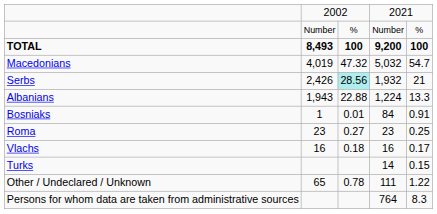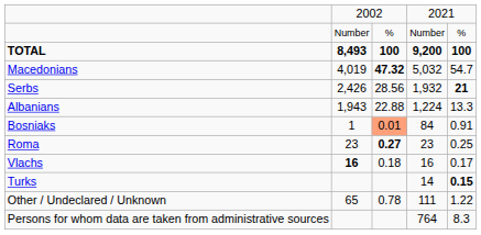 <table class="wikitable">
 <tr>
 <td></td>
 <td colspan="2" align="center">2002</td>
 <td colspan="2" align="center">2021</td>
 </tr>
 <tr>
 <td></td>
 <td align="center"><small>Number</small></td>
 <td align="center"><small>%</small></td>
 <td align="center"><small>Number</small></td>
 <td align="center"><small>%</small></td>
 </tr>
 <tr>
 <td><strong>TOTAL</strong></td>
 <td align="center"><strong>8,493</strong></td>
 <td align="center"><strong>100</strong></td>
 <td align="center"><strong>9,200</strong></td>
 <td align="center"><strong>100</strong></td>
 </tr>
 <tr>
 <td><a href='#'>Macedonians</a></td>
 <td align="center">4,019</td>
-<td align="center">47.32</td>
+<td align="center"><strong>47.32</strong></td>
 <td align="center">5,032</td>
 <td align="center">54.7</td>
 </tr>
 <tr>
 <td><a href='#'>Serbs</a></td>
 <td align="center">2,426</td>
-<td align="center" style="background: paleturquoise;">28.56</td>
+<td align="center">28.56</td>
 <td align="center">1,932</td>
-<td align="center">21</td>
+<td align="center"><strong>21</strong></td>
 </tr>
 <tr>
 <td><a href='#'>Albanians</a></td>
 <td align="center">1,943</td>
 <td align="center">22.88</td>
 <td align="center">1,224</td>
 <td align="center">13.3</td>
 </tr>
 <tr>
 <td><a href='#'>Bosniaks</a></td>
 <td align="center">1</td>
-<td align="center">0.01</td>
+<td align="center" style="background: lightsalmon;">0.01</td>
 <td align="center">84</td>
 <td align="center">0.91</td>
 </tr>
 <tr>
 <td><a href='#'>Roma</a></td>
 <td align="center">23</td>
-<td align="center">0.27</td>
+<td align="center"><strong>0.27</strong></td>
 <td align="center">23</td>
 <td align="center">0.25</td>
 </tr>
 <tr>
 <td><a href='#'>Vlachs</a></td>
-<td align="center">16</td>
+<td align="center"><strong>16</strong></td>
 <td align="center">0.18</td>
 <td align="center">16</td>
 <td align="center">0.17</td>
 </tr>
 <tr>
 <td><a href='#'>Turks</a></td>
 <td align="center"></td>
 <td align="center"></td>
 <td align="center">14</td>
-<td align="center">0.15</td>
+<td align="center"><strong>0.15</strong></td>
 </tr>
 <tr>
 <td>Other / Undeclared / Unknown</td>
 <td align="center">65</td>
 <td align="center">0.78</td>
 <td align="center">111</td>
 <td align="center">1.22</td>
 </tr>
 <tr>
 <td>Persons for whom data are taken from administrative sources</td>
 <td align="center"></td>
 <td align="center"></td>
 <td align="center">764</td>
 <td align="center">8.3</td>
 </tr>
 </table>
